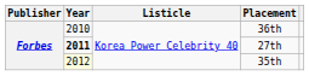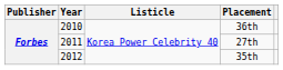 <table class="wikitable plainrowheaders sortable" style="margin-right: 0;">
 <tr>
 <th scope="col">Publisher</th>
 <th scope="col">Year</th>
 <th scope="col">Listicle</th>
 <th scope="col">Placement</th>
 <th scope="col" class="unsortable"></th>
 </tr>
 <tr>
 <th scope="row" rowspan="3"><em><a href='#'>Forbes</a></em></th>
 <td>2010</td>
 <td rowspan="3"><a href='#'>Korea Power Celebrity 40</a></td>
 <td style="text-align:center;">36th</td>
 <td style="text-align:center;"></td>
 </tr>
 <tr>
-<td><strong>2011</strong></td>
+<td>2011</td>
 <td style="text-align:center;">27th</td>
 <td style="text-align:center;"></td>
 </tr>
 <tr>
-<td style="background: lightyellow;">2012</td>
+<td>2012</td>
 <td style="text-align:center;">35th</td>
 <td style="text-align:center;"></td>
 </tr>
 </table>
